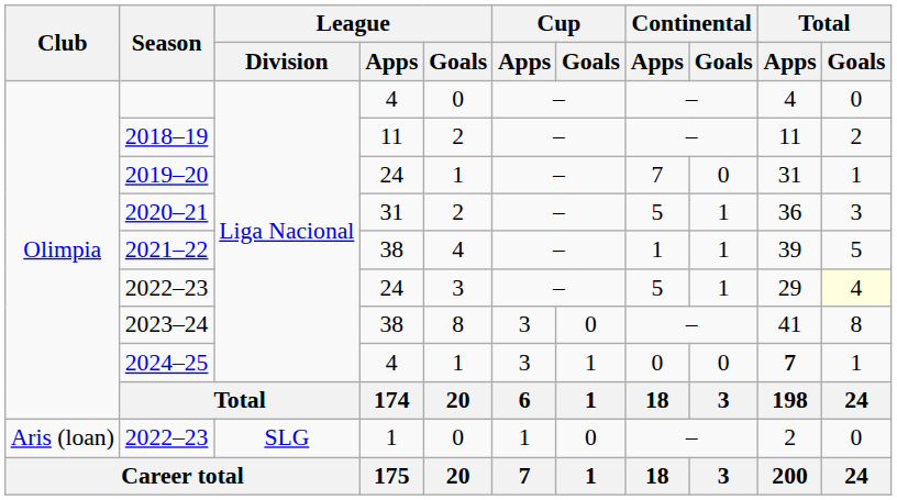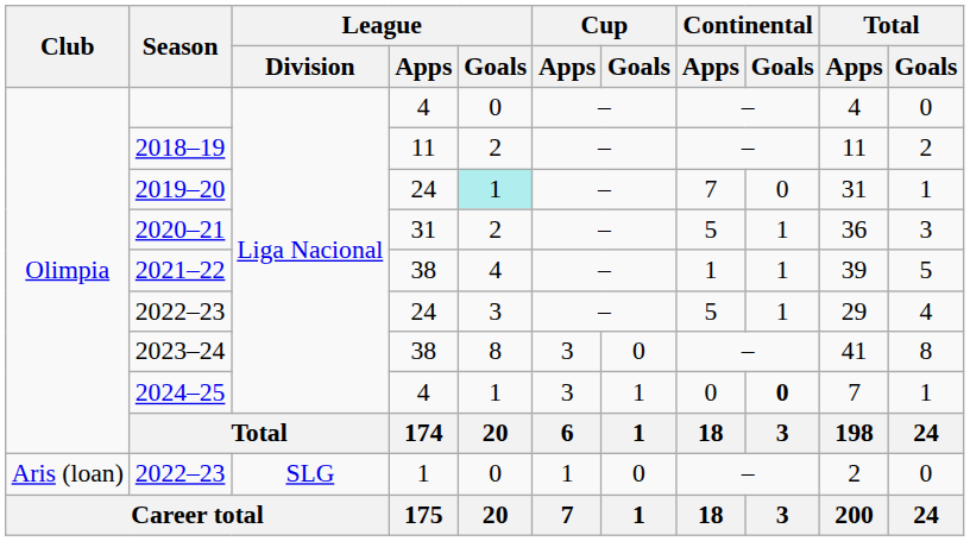 <table class="wikitable" style="text-align: center">
 <tr>
 <th rowspan="2">Club</th>
 <th rowspan="2">Season</th>
 <th colspan="3">League</th>
 <th colspan="2">Cup</th>
 <th colspan="2">Continental</th>
 <th colspan="2">Total</th>
 </tr>
 <tr>
 <th>Division</th>
 <th>Apps</th>
 <th>Goals</th>
 <th>Apps</th>
 <th>Goals</th>
 <th>Apps</th>
 <th>Goals</th>
 <th>Apps</th>
 <th>Goals</th>
 </tr>
 <tr>
 <td rowspan="9"><a href='#'>Olimpia</a></td>
 <td></td>
 <td rowspan="8"><a href='#'>Liga Nacional</a></td>
 <td>4</td>
 <td>0</td>
 <td colspan="2">–</td>
 <td colspan="2">–</td>
 <td>4</td>
 <td>0</td>
 </tr>
 <tr>
 <td><a href='#'>2018–19</a></td>
 <td>11</td>
 <td>2</td>
 <td colspan="2">–</td>
 <td colspan="2">–</td>
 <td>11</td>
 <td>2</td>
 </tr>
 <tr>
 <td><a href='#'>2019–20</a></td>
 <td>24</td>
-<td>1</td>
+<td style="background: paleturquoise;">1</td>
 <td colspan="2">–</td>
 <td>7</td>
 <td>0</td>
 <td>31</td>
 <td>1</td>
 </tr>
 <tr>
 <td><a href='#'>2020–21</a></td>
 <td>31</td>
 <td>2</td>
 <td colspan="2">–</td>
 <td>5</td>
 <td>1</td>
 <td>36</td>
 <td>3</td>
 </tr>
 <tr>
 <td><a href='#'>2021–22</a></td>
 <td>38</td>
 <td>4</td>
 <td colspan="2">–</td>
 <td>1</td>
 <td>1</td>
 <td>39</td>
 <td>5</td>
 </tr>
 <tr>
 <td>2022–23</td>
 <td>24</td>
 <td>3</td>
 <td colspan="2">–</td>
 <td>5</td>
 <td>1</td>
 <td>29</td>
-<td style="background: lightyellow;">4</td>
+<td>4</td>
 </tr>
 <tr>
 <td>2023–24</td>
 <td>38</td>
 <td>8</td>
 <td>3</td>
 <td>0</td>
 <td colspan="2">–</td>
 <td>41</td>
 <td>8</td>
 </tr>
 <tr>
 <td><a href='#'>2024–25</a></td>
 <td>4</td>
 <td>1</td>
 <td>3</td>
 <td>1</td>
 <td>0</td>
-<td>0</td>
-<td><strong>7</strong></td>
+<td><strong>0</strong></td>
+<td>7</td>
 <td>1</td>
 </tr>
 <tr>
 <th colspan=2>Total</th>
 <th>174</th>
 <th>20</th>
 <th>6</th>
 <th>1</th>
 <th>18</th>
 <th>3</th>
 <th>198</th>
 <th>24</th>
 </tr>
 <tr>
 <td><a href='#'>Aris</a> (loan)</td>
 <td><a href='#'>2022–23</a></td>
 <td><a href='#'>SLG</a></td>
 <td>1</td>
 <td>0</td>
 <td>1</td>
 <td>0</td>
 <td colspan="2">–</td>
 <td>2</td>
 <td>0</td>
 </tr>
 <tr>
 <th colspan=3>Career total</th>
 <th>175</th>
 <th>20</th>
 <th>7</th>
 <th>1</th>
 <th>18</th>
 <th>3</th>
 <th>200</th>
 <th>24</th>
 </tr>
 </table>
